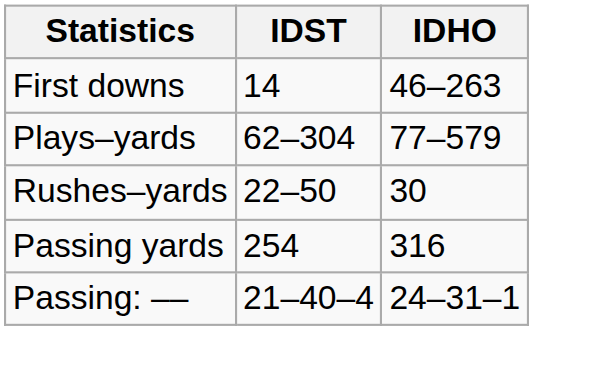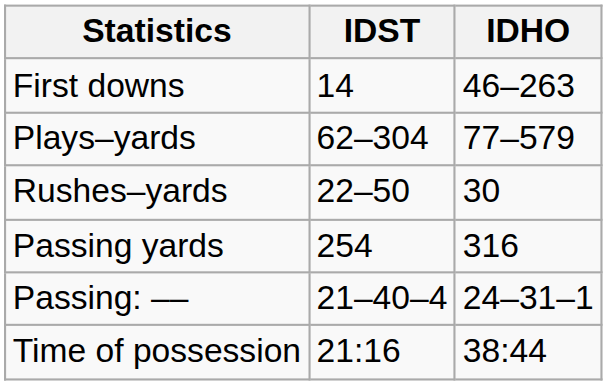 <table class="wikitable" style="float:left">
 <tr>
 <th>Statistics</th>
 <th>IDST</th>
 <th>IDHO</th>
 </tr>
 <tr>
 <td>First downs</td>
 <td>14</td>
 <td>46–263</td>
 </tr>
 <tr>
 <td>Plays–yards</td>
 <td>62–304</td>
 <td>77–579</td>
 </tr>
 <tr>
 <td>Rushes–yards</td>
 <td>22–50</td>
 <td>30</td>
 </tr>
 <tr>
 <td>Passing yards</td>
 <td>254</td>
 <td>316</td>
 </tr>
 <tr>
 <td>Passing: ––</td>
 <td>21–40–4</td>
 <td>24–31–1</td>
 </tr>
+<tr>
+<td>Time of possession</td>
+<td>21:16</td>
+<td>38:44</td>
+</tr>
 </table>
